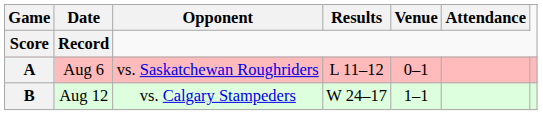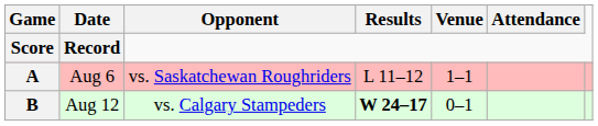 <table class="wikitable" style="text-align:center">
 <tr>
 <th>Game</th>
 <th>Date</th>
 <th>Opponent</th>
 <th>Results</th>
 <th>Venue</th>
 <th>Attendance</th>
 </tr>
 <tr>
 <th>Score</th>
 <th>Record</th>
 </tr>
 <tr style="background:#ffbbbb">
 <th>A</th>
 <td>Aug 6</td>
 <td>vs. <a href='#'>Saskatchewan Roughriders</a></td>
 <td>L 11–12</td>
-<td>0–1</td>
+<td>1–1</td>
 <td></td>
 <td></td>
 </tr>
 <tr style="background:#ddffdd">
 <th>B</th>
 <td>Aug 12</td>
 <td>vs. <a href='#'>Calgary Stampeders</a></td>
-<td>W 24–17</td>
-<td>1–1</td>
+<td><strong>W 24–17</strong></td>
+<td>0–1</td>
 <td></td>
 <td></td>
 </tr>
 </table>
